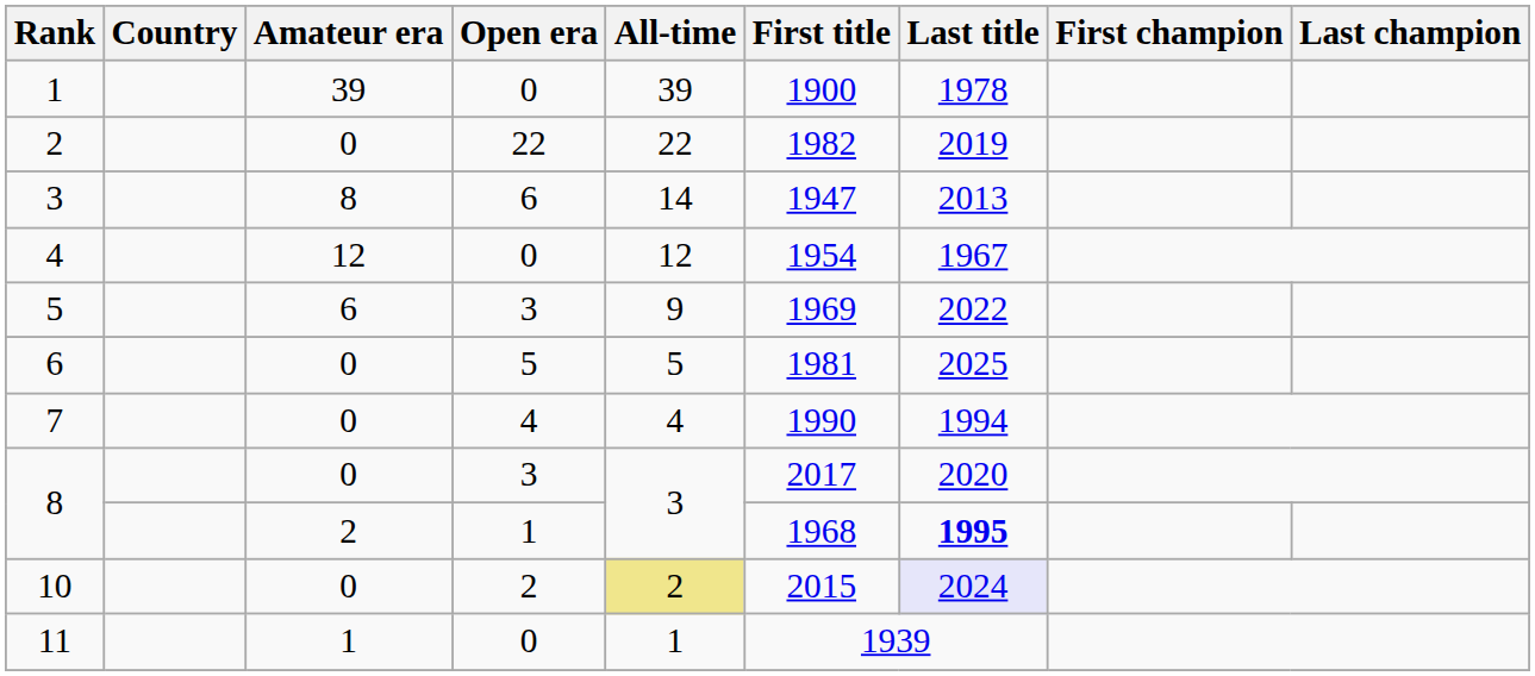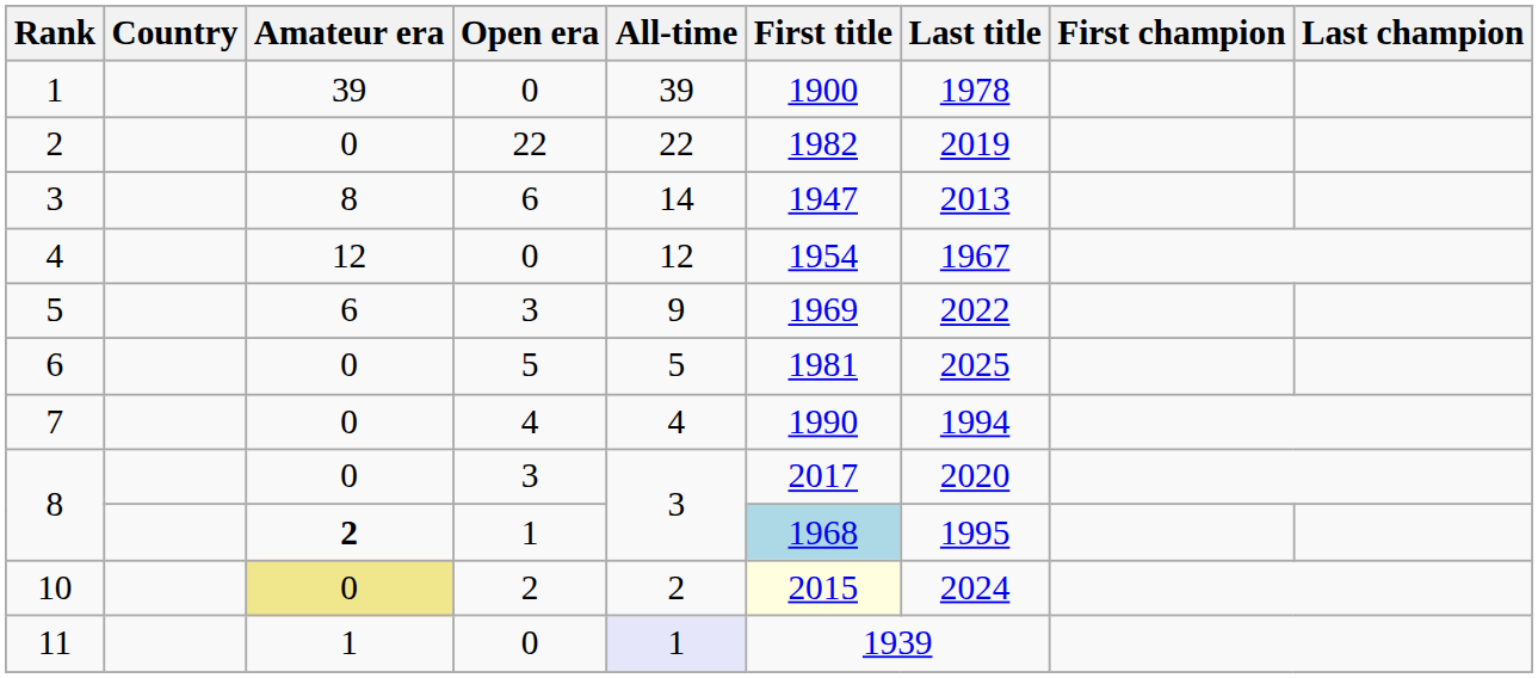 <table class="wikitable sortable">
 <tr>
 <th>Rank</th>
 <th>Country</th>
 <th>Amateur era</th>
 <th>Open era</th>
 <th>All-time</th>
 <th>First title</th>
 <th>Last title</th>
 <th>First champion</th>
 <th>Last champion</th>
 </tr>
 <tr>
 <td align=center>1</td>
 <td></td>
 <td align=center>39</td>
 <td align=center>0</td>
 <td align=center>39</td>
 <td align=center><a href='#'>1900</a></td>
 <td align=center><a href='#'>1978</a></td>
 <td align=center></td>
 <td align=center></td>
 </tr>
 <tr>
 <td align=center>2</td>
 <td></td>
 <td align=center>0</td>
 <td align=center>22</td>
 <td align=center>22</td>
 <td align=center><a href='#'>1982</a></td>
 <td align=center><a href='#'>2019</a></td>
 <td align=center></td>
 <td align=center></td>
 </tr>
 <tr>
 <td align=center>3</td>
 <td></td>
 <td align=center>8</td>
 <td align=center>6</td>
 <td align=center>14</td>
 <td align=center><a href='#'>1947</a></td>
 <td align=center><a href='#'>2013</a></td>
 <td align=center></td>
 <td align=center></td>
 </tr>
 <tr>
 <td align=center>4</td>
 <td></td>
 <td align=center>12</td>
 <td align=center>0</td>
 <td align=center>12</td>
 <td align=center><a href='#'>1954</a></td>
 <td align=center><a href='#'>1967</a></td>
 <td colspan="2" align=center></td>
 </tr>
 <tr>
 <td align=center>5</td>
 <td></td>
 <td align=center>6</td>
 <td align=center>3</td>
 <td align=center>9</td>
 <td align=center><a href='#'>1969</a></td>
 <td align=center><a href='#'>2022</a></td>
 <td align=center></td>
 <td align=center></td>
 </tr>
 <tr>
 <td align=center>6</td>
 <td></td>
 <td align=center>0</td>
 <td align=center>5</td>
 <td align=center>5</td>
 <td align=center><a href='#'>1981</a></td>
 <td align=center><a href='#'>2025</a></td>
 <td align=center></td>
 <td align=center></td>
 </tr>
 <tr>
 <td align=center>7</td>
 <td></td>
 <td align=center>0</td>
 <td align=center>4</td>
 <td align=center>4</td>
 <td align=center><a href='#'>1990</a></td>
 <td align=center><a href='#'>1994</a></td>
 <td colspan="2" align=center></td>
 </tr>
 <tr>
 <td rowspan="2" align=center>8</td>
 <td></td>
 <td align=center>0</td>
 <td align=center>3</td>
 <td rowspan="2" align=center>3</td>
 <td align=center><a href='#'>2017</a></td>
 <td align=center><a href='#'>2020</a></td>
 <td colspan="2" align=center></td>
 </tr>
 <tr>
 <td></td>
-<td align=center>2</td>
+<td align=center><strong>2</strong></td>
 <td align=center>1</td>
-<td align=center><a href='#'>1968</a></td>
-<td align=center><strong><a href='#'>1995</a></strong></td>
+<td align=center style="background: lightblue;"><a href='#'>1968</a></td>
+<td align=center><a href='#'>1995</a></td>
 <td align=center></td>
 <td align=center></td>
 </tr>
 <tr>
 <td align=center>10</td>
 <td></td>
-<td align=center>0</td>
+<td align=center style="background: khaki;">0</td>
 <td align=center>2</td>
-<td align=center style="background: khaki;">2</td>
-<td align=center><a href='#'>2015</a></td>
-<td align=center style="background: lavender;"><a href='#'>2024</a></td>
+<td align=center>2</td>
+<td align=center style="background: lightyellow;"><a href='#'>2015</a></td>
+<td align=center><a href='#'>2024</a></td>
 <td colspan="2" align=center></td>
 </tr>
 <tr>
 <td align=center>11</td>
 <td></td>
 <td align=center>1</td>
 <td align=center>0</td>
-<td align=center>1</td>
+<td align=center style="background: lavender;">1</td>
 <td colspan="2" align=center><a href='#'>1939</a></td>
 <td colspan="2" align=center></td>
 </tr>
 </table>
